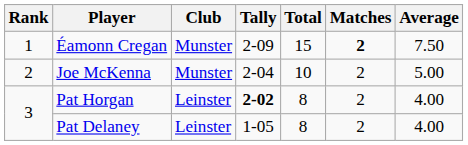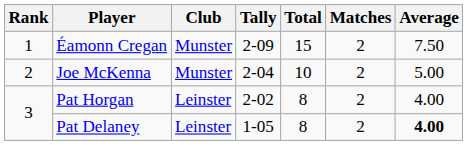 <table class="wikitable">
 <tr>
 <th>Rank</th>
 <th>Player</th>
 <th>Club</th>
 <th>Tally</th>
 <th>Total</th>
 <th>Matches</th>
 <th>Average</th>
 </tr>
 <tr>
 <td rowspan=1 align=center>1</td>
 <td><a href='#'>Éamonn Cregan</a></td>
 <td><a href='#'>Munster</a></td>
 <td align=center>2-09</td>
 <td align=center>15</td>
-<td align=center><strong>2</strong></td>
+<td align=center>2</td>
 <td align=center>7.50</td>
 </tr>
 <tr>
 <td rowspan=1 align=center>2</td>
 <td><a href='#'>Joe McKenna</a></td>
 <td><a href='#'>Munster</a></td>
 <td align=center>2-04</td>
 <td align=center>10</td>
 <td align=center>2</td>
 <td align=center>5.00</td>
 </tr>
 <tr>
 <td rowspan=2 align=center>3</td>
 <td><a href='#'>Pat Horgan</a></td>
 <td><a href='#'>Leinster</a></td>
-<td align=center><strong>2-02</strong></td>
+<td align=center>2-02</td>
 <td align=center>8</td>
 <td align=center>2</td>
 <td align=center>4.00</td>
 </tr>
 <tr>
 <td><a href='#'>Pat Delaney</a></td>
 <td><a href='#'>Leinster</a></td>
 <td align=center>1-05</td>
 <td align=center>8</td>
 <td align=center>2</td>
-<td align=center>4.00</td>
+<td align=center><strong>4.00</strong></td>
 </tr>
 </table>
